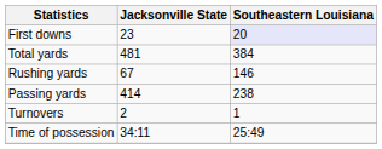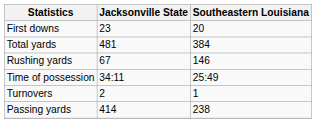 <table class="wikitable">
 <tr>
 <th>Statistics</th>
 <th>Jacksonville State</th>
 <th>Southeastern Louisiana</th>
 </tr>
 <tr>
 <td>First downs</td>
 <td>23</td>
-<td style="background: lavender;">20</td>
+<td>20</td>
 </tr>
 <tr>
 <td>Total yards</td>
 <td>481</td>
 <td>384</td>
 </tr>
 <tr>
 <td>Rushing yards</td>
 <td>67</td>
 <td>146</td>
 </tr>
 <tr>
-<td>Passing yards</td>
-<td>414</td>
-<td>238</td>
+<td>Time of possession</td>
+<td>34:11</td>
+<td>25:49</td>
 </tr>
 <tr>
 <td>Turnovers</td>
 <td>2</td>
 <td>1</td>
 </tr>
 <tr>
-<td>Time of possession</td>
-<td>34:11</td>
-<td>25:49</td>
+<td>Passing yards</td>
+<td>414</td>
+<td>238</td>
 </tr>
 <tr>
 </tr>
 </table>
